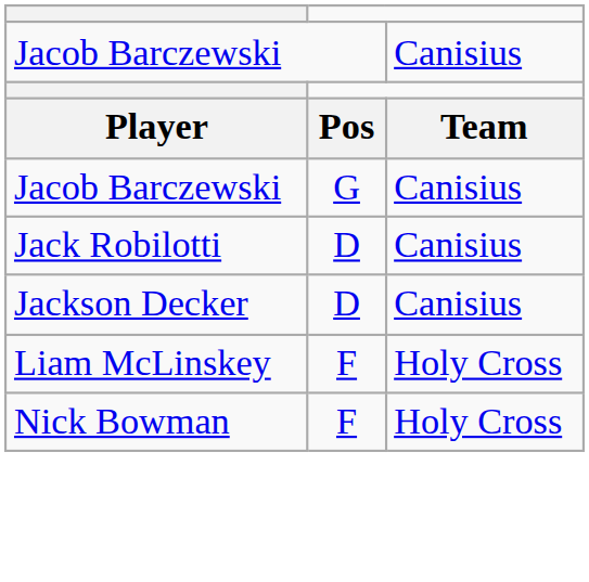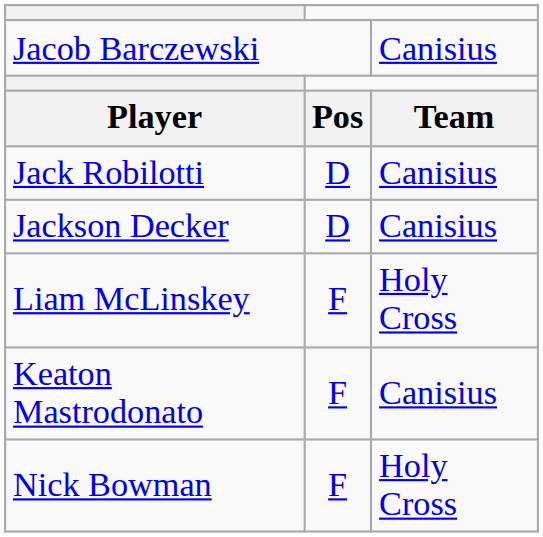 <table class="wikitable" width=40%>
 <tr>
 <th><a href='#'></a></th>
 </tr>
 <tr>
 <td colspan=2><a href='#'>Jacob Barczewski</a></td>
 <td><a href='#'>Canisius</a></td>
 </tr>
 <tr>
 <th><a href='#'></a></th>
 </tr>
 <tr>
 <th>Player</th>
 <th>Pos</th>
 <th>Team</th>
 </tr>
 <tr>
-<td><a href='#'>Jacob Barczewski</a></td>
-<td style="text-align:center;"><a href='#'>G</a></td>
-<td><a href='#'>Canisius</a></td>
-</tr>
-<tr>
 <td><a href='#'>Jack Robilotti</a></td>
 <td style="text-align:center;"><a href='#'>D</a></td>
 <td><a href='#'>Canisius</a></td>
 </tr>
 <tr>
 <td><a href='#'>Jackson Decker</a></td>
 <td style="text-align:center;"><a href='#'>D</a></td>
 <td><a href='#'>Canisius</a></td>
 </tr>
 <tr>
 <td><a href='#'>Liam McLinskey</a></td>
 <td style="text-align:center;"><a href='#'>F</a></td>
 <td><a href='#'>Holy Cross</a></td>
 </tr>
 <tr>
+<td><a href='#'>Keaton Mastrodonato</a></td>
+<td style="text-align:center;"><a href='#'>F</a></td>
+<td><a href='#'>Canisius</a></td>
+</tr>
+<tr>
 <td><a href='#'>Nick Bowman</a></td>
 <td style="text-align:center;"><a href='#'>F</a></td>
 <td><a href='#'>Holy Cross</a></td>
 </tr>
 </table>
